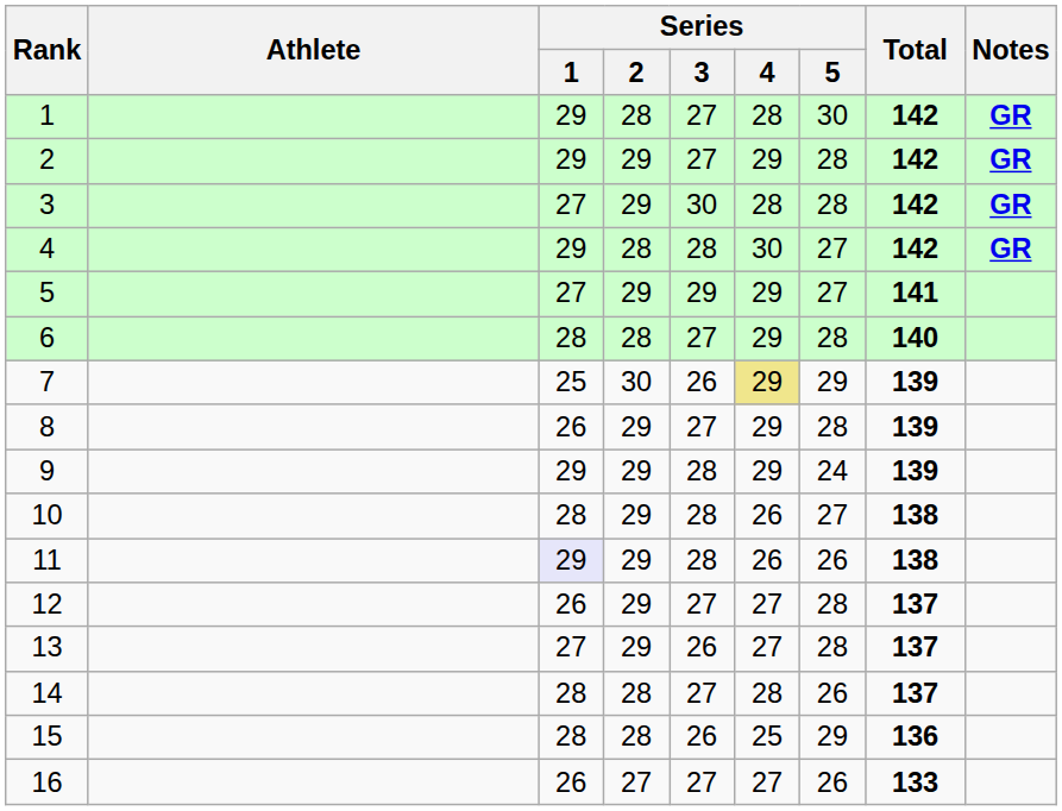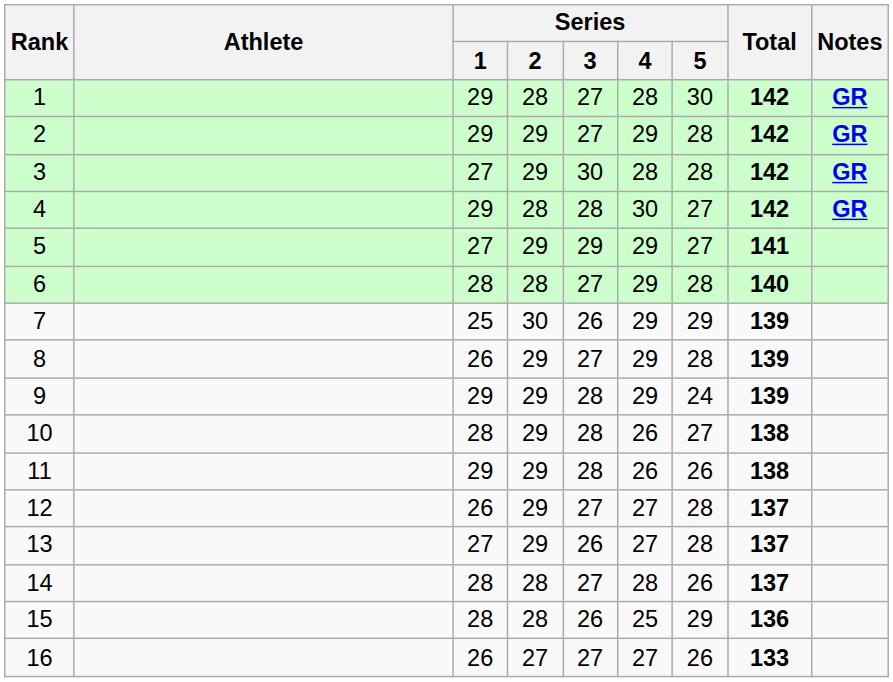 <table class="wikitable" style="text-align:center">
 <tr>
 <th rowspan=2 width=40>Rank</th>
 <th rowspan=2 width=250>Athlete</th>
 <th colspan=5>Series</th>
 <th rowspan=2 width=50>Total</th>
 <th rowspan=2 width=40>Notes</th>
 </tr>
 <tr>
 <th width=30>1</th>
 <th width=30>2</th>
 <th width=30>3</th>
 <th width=30>4</th>
 <th width=30>5</th>
 </tr>
 <tr bgcolor=ccffcc>
 <td>1</td>
 <td align=left></td>
 <td>29</td>
 <td>28</td>
 <td>27</td>
 <td>28</td>
 <td>30</td>
 <td><strong>142</strong></td>
 <td><strong><a href='#'>GR</a></strong></td>
 </tr>
 <tr bgcolor=ccffcc>
 <td>2</td>
 <td align=left></td>
 <td>29</td>
 <td>29</td>
 <td>27</td>
 <td>29</td>
 <td>28</td>
 <td><strong>142</strong></td>
 <td><strong><a href='#'>GR</a></strong></td>
 </tr>
 <tr bgcolor=ccffcc>
 <td>3</td>
 <td align=left></td>
 <td>27</td>
 <td>29</td>
 <td>30</td>
 <td>28</td>
 <td>28</td>
 <td><strong>142</strong></td>
 <td><strong><a href='#'>GR</a></strong></td>
 </tr>
 <tr bgcolor=ccffcc>
 <td>4</td>
 <td align=left></td>
 <td>29</td>
 <td>28</td>
 <td>28</td>
 <td>30</td>
 <td>27</td>
 <td><strong>142</strong></td>
 <td><strong><a href='#'>GR</a></strong></td>
 </tr>
 <tr bgcolor=ccffcc>
 <td>5</td>
 <td align=left></td>
 <td>27</td>
 <td>29</td>
 <td>29</td>
 <td>29</td>
 <td>27</td>
 <td><strong>141</strong></td>
 <td></td>
 </tr>
 <tr bgcolor=ccffcc>
 <td>6</td>
 <td align=left></td>
 <td>28</td>
 <td>28</td>
 <td>27</td>
 <td>29</td>
 <td>28</td>
 <td><strong>140</strong></td>
 <td></td>
 </tr>
 <tr>
 <td>7</td>
 <td align=left></td>
 <td>25</td>
 <td>30</td>
 <td>26</td>
-<td style="background: khaki;">29</td>
+<td>29</td>
 <td>29</td>
 <td><strong>139</strong></td>
 <td></td>
 </tr>
 <tr>
 <td>8</td>
 <td align=left></td>
 <td>26</td>
 <td>29</td>
 <td>27</td>
 <td>29</td>
 <td>28</td>
 <td><strong>139</strong></td>
 <td></td>
 </tr>
 <tr>
 <td>9</td>
 <td align=left></td>
 <td>29</td>
 <td>29</td>
 <td>28</td>
 <td>29</td>
 <td>24</td>
 <td><strong>139</strong></td>
 <td></td>
 </tr>
 <tr>
 <td>10</td>
 <td align=left></td>
 <td>28</td>
 <td>29</td>
 <td>28</td>
 <td>26</td>
 <td>27</td>
 <td><strong>138</strong></td>
 <td></td>
 </tr>
 <tr>
 <td>11</td>
 <td align=left></td>
-<td style="background: lavender;">29</td>
+<td>29</td>
 <td>29</td>
 <td>28</td>
 <td>26</td>
 <td>26</td>
 <td><strong>138</strong></td>
 <td></td>
 </tr>
 <tr>
 <td>12</td>
 <td align=left></td>
 <td>26</td>
 <td>29</td>
 <td>27</td>
 <td>27</td>
 <td>28</td>
 <td><strong>137</strong></td>
 <td></td>
 </tr>
 <tr>
 <td>13</td>
 <td align=left></td>
 <td>27</td>
 <td>29</td>
 <td>26</td>
 <td>27</td>
 <td>28</td>
 <td><strong>137</strong></td>
 <td></td>
 </tr>
 <tr>
 <td>14</td>
 <td align=left></td>
 <td>28</td>
 <td>28</td>
 <td>27</td>
 <td>28</td>
 <td>26</td>
 <td><strong>137</strong></td>
 <td></td>
 </tr>
 <tr>
 <td>15</td>
 <td align=left></td>
 <td>28</td>
 <td>28</td>
 <td>26</td>
 <td>25</td>
 <td>29</td>
 <td><strong>136</strong></td>
 <td></td>
 </tr>
 <tr>
 <td>16</td>
 <td align=left></td>
 <td>26</td>
 <td>27</td>
 <td>27</td>
 <td>27</td>
 <td>26</td>
 <td><strong>133</strong></td>
 <td></td>
 </tr>
 </table>
